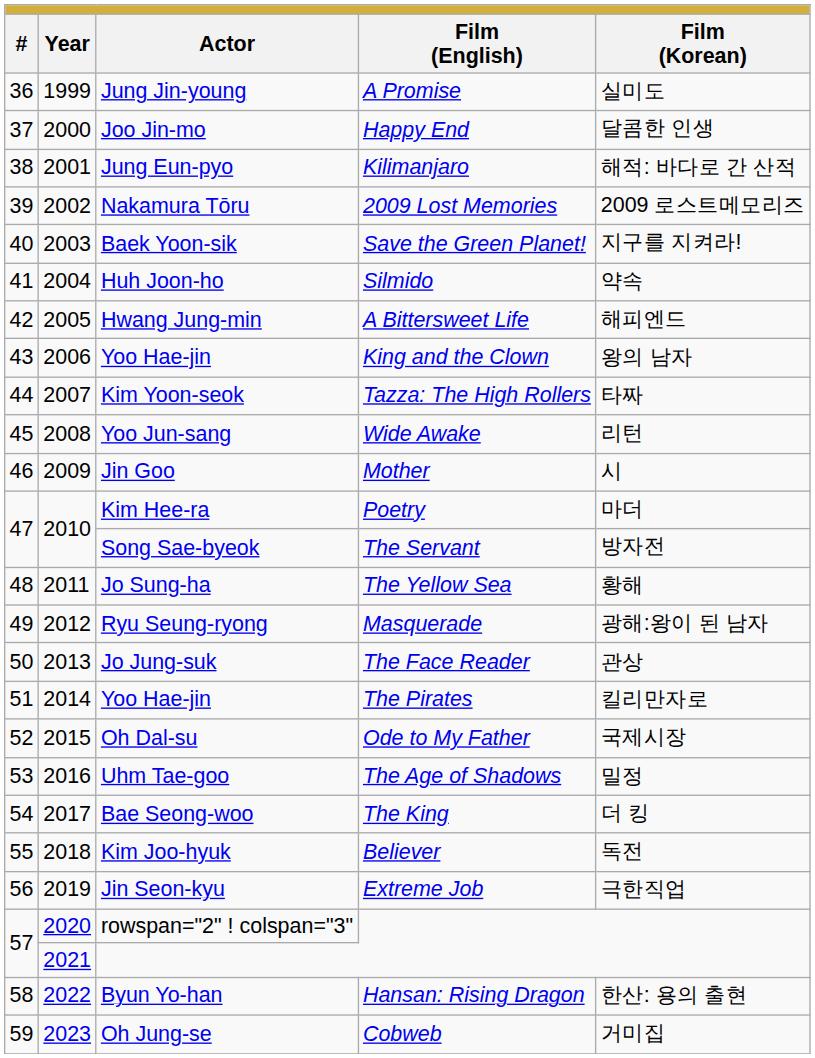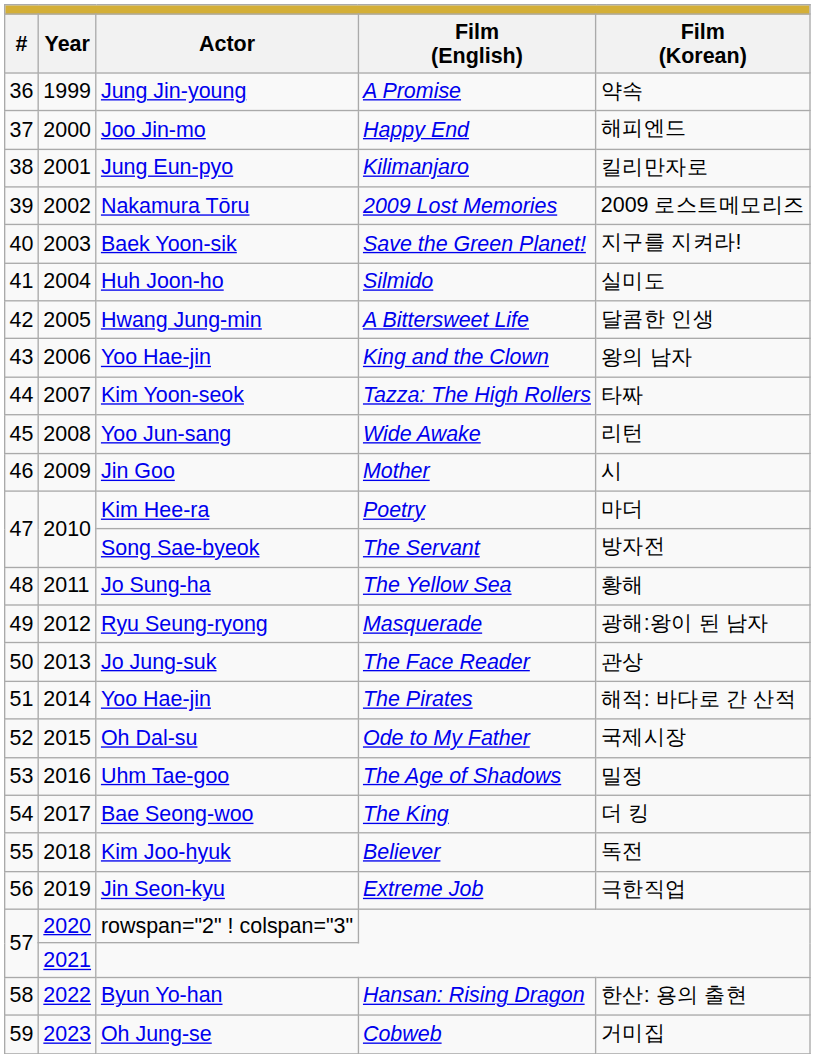 <table class="wikitable collapsible collapsed">
 <tr>
 <th colspan="5" style="background: #D4AF37;"></th>
 </tr>
 <tr>
 <th>#</th>
 <th>Year</th>
 <th>Actor</th>
 <th>Film<br>(English)</th>
 <th>Film<br>(Korean)</th>
 </tr>
 <tr>
 <td>36</td>
 <td>1999</td>
 <td><a href='#'>Jung Jin-young</a></td>
 <td><em><a href='#'>A Promise</a></em></td>
-<td>실미도</td>
+<td>약속</td>
 </tr>
 <tr>
 <td>37</td>
 <td>2000</td>
 <td><a href='#'>Joo Jin-mo</a></td>
 <td><em><a href='#'>Happy End</a></em></td>
-<td>달콤한 인생</td>
+<td>해피엔드</td>
 </tr>
 <tr>
 <td>38</td>
 <td>2001</td>
 <td><a href='#'>Jung Eun-pyo</a></td>
 <td><em><a href='#'>Kilimanjaro</a></em></td>
-<td>해적: 바다로 간 산적</td>
+<td>킬리만자로</td>
 </tr>
 <tr>
 <td>39</td>
 <td>2002</td>
 <td><a href='#'>Nakamura Tōru</a></td>
 <td><em><a href='#'>2009 Lost Memories</a></em></td>
 <td>2009 로스트메모리즈</td>
 </tr>
 <tr>
 <td>40</td>
 <td>2003</td>
 <td><a href='#'>Baek Yoon-sik</a></td>
 <td><em><a href='#'>Save the Green Planet!</a></em></td>
 <td>지구를 지켜라!</td>
 </tr>
 <tr>
 <td>41</td>
 <td>2004</td>
 <td><a href='#'>Huh Joon-ho</a></td>
 <td><em><a href='#'>Silmido</a></em></td>
-<td>약속</td>
+<td>실미도</td>
 </tr>
 <tr>
 <td>42</td>
 <td>2005</td>
 <td><a href='#'>Hwang Jung-min</a></td>
 <td><em><a href='#'>A Bittersweet Life</a></em></td>
-<td>해피엔드</td>
+<td>달콤한 인생</td>
 </tr>
 <tr>
 <td>43</td>
 <td>2006</td>
 <td><a href='#'>Yoo Hae-jin</a></td>
 <td><em><a href='#'>King and the Clown</a></em></td>
 <td>왕의 남자</td>
 </tr>
 <tr>
 <td>44</td>
 <td>2007</td>
 <td><a href='#'>Kim Yoon-seok</a></td>
 <td><em><a href='#'>Tazza: The High Rollers</a></em></td>
 <td>타짜</td>
 </tr>
 <tr>
 <td>45</td>
 <td>2008</td>
 <td><a href='#'>Yoo Jun-sang</a></td>
 <td><em><a href='#'>Wide Awake</a></em></td>
 <td>리턴</td>
 </tr>
 <tr>
 <td>46</td>
 <td>2009</td>
 <td><a href='#'>Jin Goo</a></td>
 <td><em><a href='#'>Mother</a></em></td>
 <td>시</td>
 </tr>
 <tr>
 <td rowspan="2">47</td>
 <td rowspan="2">2010</td>
 <td><a href='#'>Kim Hee-ra</a></td>
 <td><em><a href='#'>Poetry</a></em></td>
 <td>마더</td>
 </tr>
 <tr>
 <td><a href='#'>Song Sae-byeok</a></td>
 <td><em><a href='#'>The Servant</a></em></td>
 <td>방자전</td>
 </tr>
 <tr>
 <td>48</td>
 <td>2011</td>
 <td><a href='#'>Jo Sung-ha</a></td>
 <td><em><a href='#'>The Yellow Sea</a></em></td>
 <td>황해</td>
 </tr>
 <tr>
 <td>49</td>
 <td>2012</td>
 <td><a href='#'>Ryu Seung-ryong</a></td>
 <td><em><a href='#'>Masquerade</a></em></td>
 <td>광해:왕이 된 남자</td>
 </tr>
 <tr>
 <td>50</td>
 <td>2013</td>
 <td><a href='#'>Jo Jung-suk</a></td>
 <td><em><a href='#'>The Face Reader</a></em></td>
 <td>관상</td>
 </tr>
 <tr>
 <td>51</td>
 <td>2014</td>
 <td><a href='#'>Yoo Hae-jin</a></td>
 <td><em><a href='#'>The Pirates</a></em></td>
-<td>킬리만자로</td>
+<td>해적: 바다로 간 산적</td>
 </tr>
 <tr>
 <td>52</td>
 <td>2015</td>
 <td><a href='#'>Oh Dal-su</a></td>
 <td><em><a href='#'>Ode to My Father</a></em></td>
 <td>국제시장</td>
 </tr>
 <tr>
 <td>53</td>
 <td>2016</td>
 <td><a href='#'>Uhm Tae-goo</a></td>
 <td><em><a href='#'>The Age of Shadows</a></em></td>
 <td>밀정</td>
 </tr>
 <tr>
 <td>54</td>
 <td>2017</td>
 <td><a href='#'>Bae Seong-woo</a></td>
 <td><em><a href='#'>The King</a></em></td>
 <td>더 킹</td>
 </tr>
 <tr>
 <td>55</td>
 <td>2018</td>
 <td><a href='#'>Kim Joo-hyuk</a></td>
 <td><em><a href='#'>Believer</a></em></td>
 <td>독전</td>
 </tr>
 <tr>
 <td>56</td>
 <td>2019</td>
 <td><a href='#'>Jin Seon-kyu</a></td>
 <td><em><a href='#'>Extreme Job</a></em></td>
 <td>극한직업</td>
 </tr>
 <tr>
 <td rowspan="2">57</td>
 <td><a href='#'>2020</a></td>
 <td>rowspan="2" ! colspan="3" </td>
 </tr>
 <tr>
 <td><a href='#'>2021</a></td>
 </tr>
 <tr>
 <td>58</td>
 <td><a href='#'>2022</a></td>
 <td><a href='#'>Byun Yo-han</a></td>
 <td><em><a href='#'>Hansan: Rising Dragon</a></em></td>
 <td>한산: 용의 출현</td>
 </tr>
 <tr>
 <td>59</td>
 <td><a href='#'>2023</a></td>
 <td><a href='#'>Oh Jung-se</a></td>
 <td><em><a href='#'>Cobweb</a></em></td>
 <td>거미집</td>
 </tr>
 </table>
